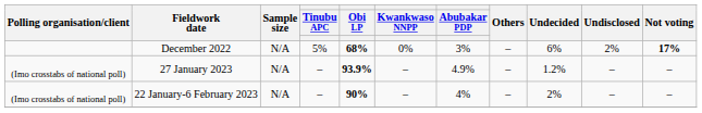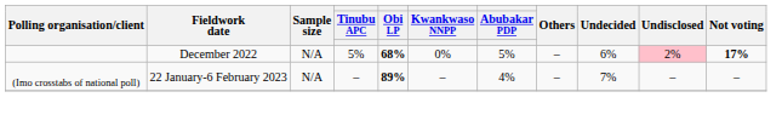 <table class="wikitable" style="text-align:center;font-size:95%;line-height:14px;">
 <tr>
 <th rowspan="3">Polling organisation/client</th>
 <th rowspan="3">Fieldwork<br>date</th>
 <th rowspan="3">Sample<br>size</th>
 <th></th>
 <th></th>
 <th></th>
 <th></th>
 <th rowspan="3">Others</th>
 <th rowspan="3">Undecided</th>
 <th rowspan="3">Undisclosed</th>
 <th rowspan="3">Not voting</th>
 </tr>
 <tr>
 <th><a href='#'>Tinubu</a><br><small><a href='#'>APC</a></small></th>
 <th><a href='#'>Obi</a><br><small><a href='#'>LP</a></small></th>
 <th><a href='#'>Kwankwaso</a><br><small><a href='#'>NNPP</a></small></th>
 <th><a href='#'>Abubakar</a><br><small><a href='#'>PDP</a></small></th>
 </tr>
 <tr>
 <th style="background:"></th>
 <th style="background:"></th>
 <th style="background:"></th>
 <th style="background:"></th>
 </tr>
 <tr>
 <td></td>
 <td>December 2022</td>
 <td>N/A</td>
 <td>5%</td>
 <td><strong>68%</strong></td>
 <td>0%</td>
-<td>3%</td>
+<td>5%</td>
 <td>–</td>
 <td>6%</td>
-<td>2%</td>
+<td style="background: pink;">2%</td>
 <td><strong>17%</strong></td>
-</tr>
-<tr>
-<td><br><small>(Imo crosstabs of national poll)</small></td>
-<td>27 January 2023</td>
-<td>N/A</td>
-<td>–</td>
-<td><strong>93.9%</strong></td>
-<td>–</td>
-<td>4.9%</td>
-<td>–</td>
-<td>1.2%</td>
-<td>–</td>
-<td>–</td>
 </tr>
 <tr>
 <td><br><small>(Imo crosstabs of national poll)</small></td>
 <td>22 January-6 February 2023</td>
 <td>N/A</td>
 <td>–</td>
-<td><strong>90%</strong></td>
+<td><strong>89%</strong></td>
 <td>–</td>
 <td>4%</td>
 <td>–</td>
-<td>2%</td>
+<td>7%</td>
 <td>–</td>
 <td>–</td>
 </tr>
 <tr>
 </tr>
 </table>
